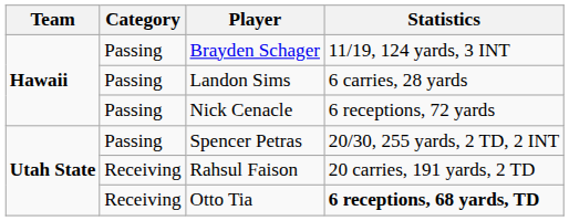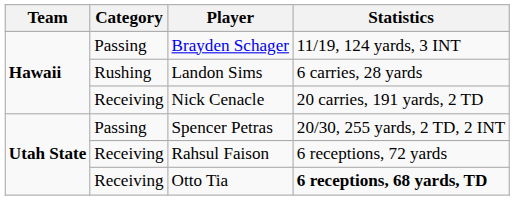 <table class="wikitable" style="float: right;">
 <tr>
 <th>Team</th>
 <th>Category</th>
 <th>Player</th>
 <th>Statistics</th>
 </tr>
 <tr>
 <td rowspan=3><strong>Hawaii</strong></td>
 <td>Passing</td>
 <td><a href='#'>Brayden Schager</a></td>
 <td>11/19, 124 yards, 3 INT</td>
 </tr>
 <tr>
-<td>Passing</td>
+<td>Rushing</td>
 <td>Landon Sims</td>
 <td>6 carries, 28 yards</td>
 </tr>
 <tr>
-<td>Passing</td>
+<td>Receiving</td>
 <td>Nick Cenacle</td>
-<td>6 receptions, 72 yards</td>
+<td>20 carries, 191 yards, 2 TD</td>
 </tr>
 <tr>
 <td rowspan=3><strong>Utah State</strong></td>
 <td>Passing</td>
 <td>Spencer Petras</td>
 <td>20/30, 255 yards, 2 TD, 2 INT</td>
 </tr>
 <tr>
 <td>Receiving</td>
 <td>Rahsul Faison</td>
-<td>20 carries, 191 yards, 2 TD</td>
+<td>6 receptions, 72 yards</td>
 </tr>
 <tr>
 <td>Receiving</td>
 <td>Otto Tia</td>
 <td><strong>6 receptions, 68 yards, TD</strong></td>
 </tr>
 </table>
